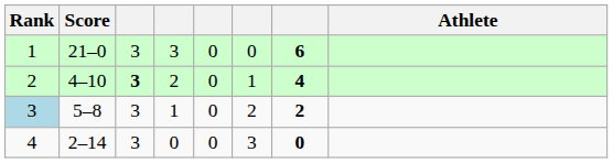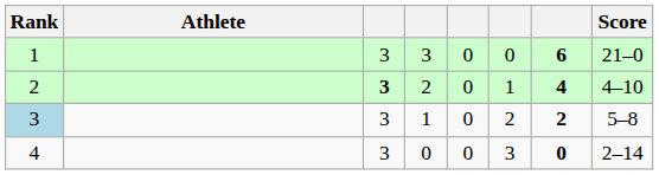 <table class="wikitable" style="text-align: center;">
 <tr>
 <th width=25>Rank</th>
-<th width=40>Score</th>
+<th width=225>Athlete</th>
 <th width=25></th>
 <th width=25></th>
 <th width=25></th>
 <th width=25></th>
 <th width=40></th>
-<th width=225>Athlete</th>
+<th width=40>Score</th>
 </tr>
 <tr bgcolor=ccffcc>
 <td>1</td>
-<td>21–0</td>
+<td align=left></td>
 <td>3</td>
 <td>3</td>
 <td>0</td>
 <td>0</td>
 <td><strong>6</strong></td>
-<td align=left></td>
+<td>21–0</td>
 </tr>
 <tr bgcolor=ccffcc>
 <td>2</td>
-<td>4–10</td>
+<td align=left></td>
 <td><strong>3</strong></td>
 <td>2</td>
 <td>0</td>
 <td>1</td>
 <td><strong>4</strong></td>
-<td align=left></td>
+<td>4–10</td>
 </tr>
 <tr>
 <td style="background: lightblue;">3</td>
-<td>5–8</td>
+<td align=left></td>
 <td>3</td>
 <td>1</td>
 <td>0</td>
 <td>2</td>
 <td><strong>2</strong></td>
-<td align=left></td>
+<td>5–8</td>
 </tr>
 <tr>
 <td>4</td>
-<td>2–14</td>
+<td align=left></td>
 <td>3</td>
 <td>0</td>
 <td>0</td>
 <td>3</td>
 <td><strong>0</strong></td>
-<td align=left></td>
+<td>2–14</td>
 </tr>
 </table>
